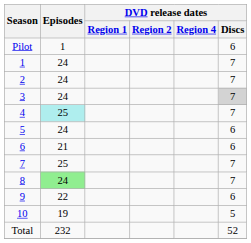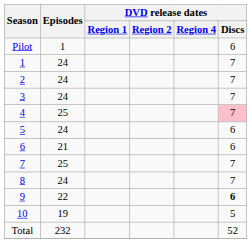 <table class="wikitable plainrowheaders" style="text-align: center;">
 <tr>
 <th scope="col" rowspan="2">Season</th>
 <th scope="col" rowspan="2">Episodes</th>
 <th scope="col" colspan="4"><a href='#'>DVD</a> release dates</th>
 </tr>
 <tr>
 <th scope="col"><a href='#'>Region 1</a></th>
 <th scope="col"><a href='#'>Region 2</a></th>
 <th scope="col"><a href='#'>Region 4</a></th>
 <th scope="col">Discs</th>
 </tr>
 <tr>
 <td scope="row"><a href='#'>Pilot</a></td>
 <td>1</td>
 <td></td>
 <td></td>
 <td></td>
 <td>6</td>
 </tr>
 <tr>
 <td scope="row"><a href='#'>1</a></td>
 <td>24</td>
 <td></td>
 <td></td>
 <td></td>
 <td>7</td>
 </tr>
 <tr>
 <td scope="row"><a href='#'>2</a></td>
 <td>24</td>
 <td></td>
 <td></td>
 <td></td>
 <td>7</td>
 </tr>
 <tr>
 <td scope="row"><a href='#'>3</a></td>
 <td>24</td>
 <td></td>
 <td></td>
 <td></td>
-<td style="background: lightgrey;">7</td>
+<td>7</td>
 </tr>
 <tr>
 <td scope="row"><a href='#'>4</a></td>
-<td style="background: paleturquoise;">25</td>
+<td>25</td>
 <td></td>
 <td></td>
 <td></td>
-<td>7</td>
+<td style="background: pink;">7</td>
 </tr>
 <tr>
 <td scope="row"><a href='#'>5</a></td>
 <td>24</td>
 <td></td>
 <td></td>
 <td></td>
 <td>6</td>
 </tr>
 <tr>
 <td scope="row"><a href='#'>6</a></td>
 <td>21</td>
 <td></td>
 <td></td>
 <td></td>
 <td>6</td>
 </tr>
 <tr>
 <td scope="row"><a href='#'>7</a></td>
 <td>25</td>
 <td></td>
 <td></td>
 <td></td>
 <td>7</td>
 </tr>
 <tr>
 <td scope="row"><a href='#'>8</a></td>
-<td style="background: lightgreen;">24</td>
+<td>24</td>
 <td></td>
 <td></td>
 <td></td>
 <td>7</td>
 </tr>
 <tr>
 <td scope="row"><a href='#'>9</a></td>
 <td>22</td>
 <td></td>
 <td></td>
 <td></td>
-<td>6</td>
+<td><strong>6</strong></td>
 </tr>
 <tr>
 <td scope="row"><a href='#'>10</a></td>
 <td>19</td>
 <td></td>
 <td></td>
 <td></td>
 <td>5</td>
 </tr>
 <tr>
 <td scope="row">Total</td>
 <td>232</td>
 <td></td>
 <td></td>
 <td></td>
 <td>52</td>
 </tr>
 <tr>
 </tr>
 </table>
